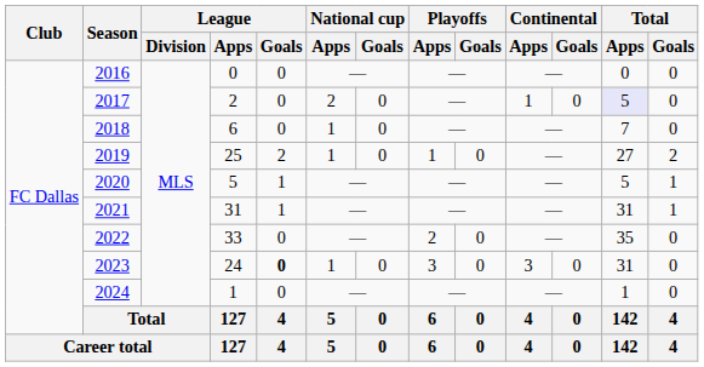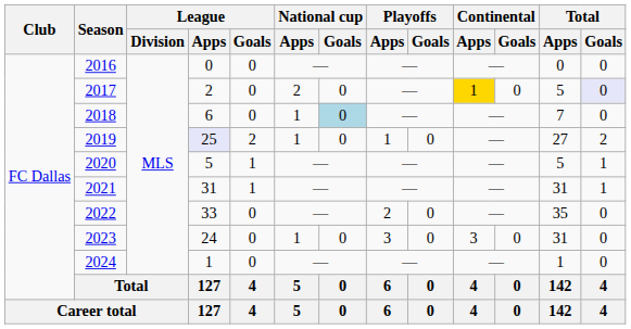 <table class="wikitable" style="text-align: center">
 <tr>
 <th rowspan="2">Club</th>
 <th rowspan="2">Season</th>
 <th colspan="3">League</th>
 <th colspan="2">National cup</th>
 <th colspan="2">Playoffs</th>
 <th colspan="2">Continental</th>
 <th colspan="2">Total</th>
 </tr>
 <tr>
 <th>Division</th>
 <th>Apps</th>
 <th>Goals</th>
 <th>Apps</th>
 <th>Goals</th>
 <th>Apps</th>
 <th>Goals</th>
 <th>Apps</th>
 <th>Goals</th>
 <th>Apps</th>
 <th>Goals</th>
 </tr>
 <tr>
 <td rowspan="10"><a href='#'>FC Dallas</a></td>
 <td><a href='#'>2016</a></td>
 <td rowspan="9"><a href='#'>MLS</a></td>
 <td>0</td>
 <td>0</td>
 <td colspan="2">—</td>
 <td colspan="2">—</td>
 <td colspan="2">—</td>
 <td>0</td>
 <td>0</td>
 </tr>
 <tr>
 <td><a href='#'>2017</a></td>
 <td>2</td>
 <td>0</td>
 <td>2</td>
 <td>0</td>
 <td colspan="2">—</td>
-<td>1</td>
+<td style="background: gold;">1</td>
 <td>0</td>
-<td style="background: lavender;">5</td>
-<td>0</td>
+<td>5</td>
+<td style="background: lavender;">0</td>
 </tr>
 <tr>
 <td><a href='#'>2018</a></td>
 <td>6</td>
 <td>0</td>
 <td>1</td>
-<td>0</td>
+<td style="background: lightblue;">0</td>
 <td colspan="2">—</td>
 <td colspan="2">—</td>
 <td>7</td>
 <td>0</td>
 </tr>
 <tr>
 <td><a href='#'>2019</a></td>
-<td>25</td>
+<td style="background: lavender;">25</td>
 <td>2</td>
 <td>1</td>
 <td>0</td>
 <td>1</td>
 <td>0</td>
 <td colspan="2">—</td>
 <td>27</td>
 <td>2</td>
 </tr>
 <tr>
 <td><a href='#'>2020</a></td>
 <td>5</td>
 <td>1</td>
 <td colspan="2">—</td>
 <td colspan="2">—</td>
 <td colspan="2">—</td>
 <td>5</td>
 <td>1</td>
 </tr>
 <tr>
 <td><a href='#'>2021</a></td>
 <td>31</td>
 <td>1</td>
 <td colspan="2">—</td>
 <td colspan="2">—</td>
 <td colspan="2">—</td>
 <td>31</td>
 <td>1</td>
 </tr>
 <tr>
 <td><a href='#'>2022</a></td>
 <td>33</td>
 <td>0</td>
 <td colspan="2">—</td>
 <td>2</td>
 <td>0</td>
 <td colspan="2">—</td>
 <td>35</td>
 <td>0</td>
 </tr>
 <tr>
 <td><a href='#'>2023</a></td>
 <td>24</td>
-<td><strong>0</strong></td>
+<td>0</td>
 <td>1</td>
 <td>0</td>
 <td>3</td>
 <td>0</td>
 <td>3</td>
 <td>0</td>
 <td>31</td>
 <td>0</td>
 </tr>
 <tr>
 <td><a href='#'>2024</a></td>
 <td>1</td>
 <td>0</td>
 <td colspan="2">—</td>
 <td colspan="2">—</td>
 <td colspan="2">—</td>
 <td>1</td>
 <td>0</td>
 </tr>
 <tr>
 <th colspan="2">Total</th>
 <th>127</th>
 <th>4</th>
 <th>5</th>
 <th>0</th>
 <th>6</th>
 <th>0</th>
 <th>4</th>
 <th>0</th>
 <th>142</th>
 <th>4</th>
 </tr>
 <tr>
 <th colspan="3">Career total</th>
 <th>127</th>
 <th>4</th>
 <th>5</th>
 <th>0</th>
 <th>6</th>
 <th>0</th>
 <th>4</th>
 <th>0</th>
 <th>142</th>
 <th>4</th>
 </tr>
 </table>
